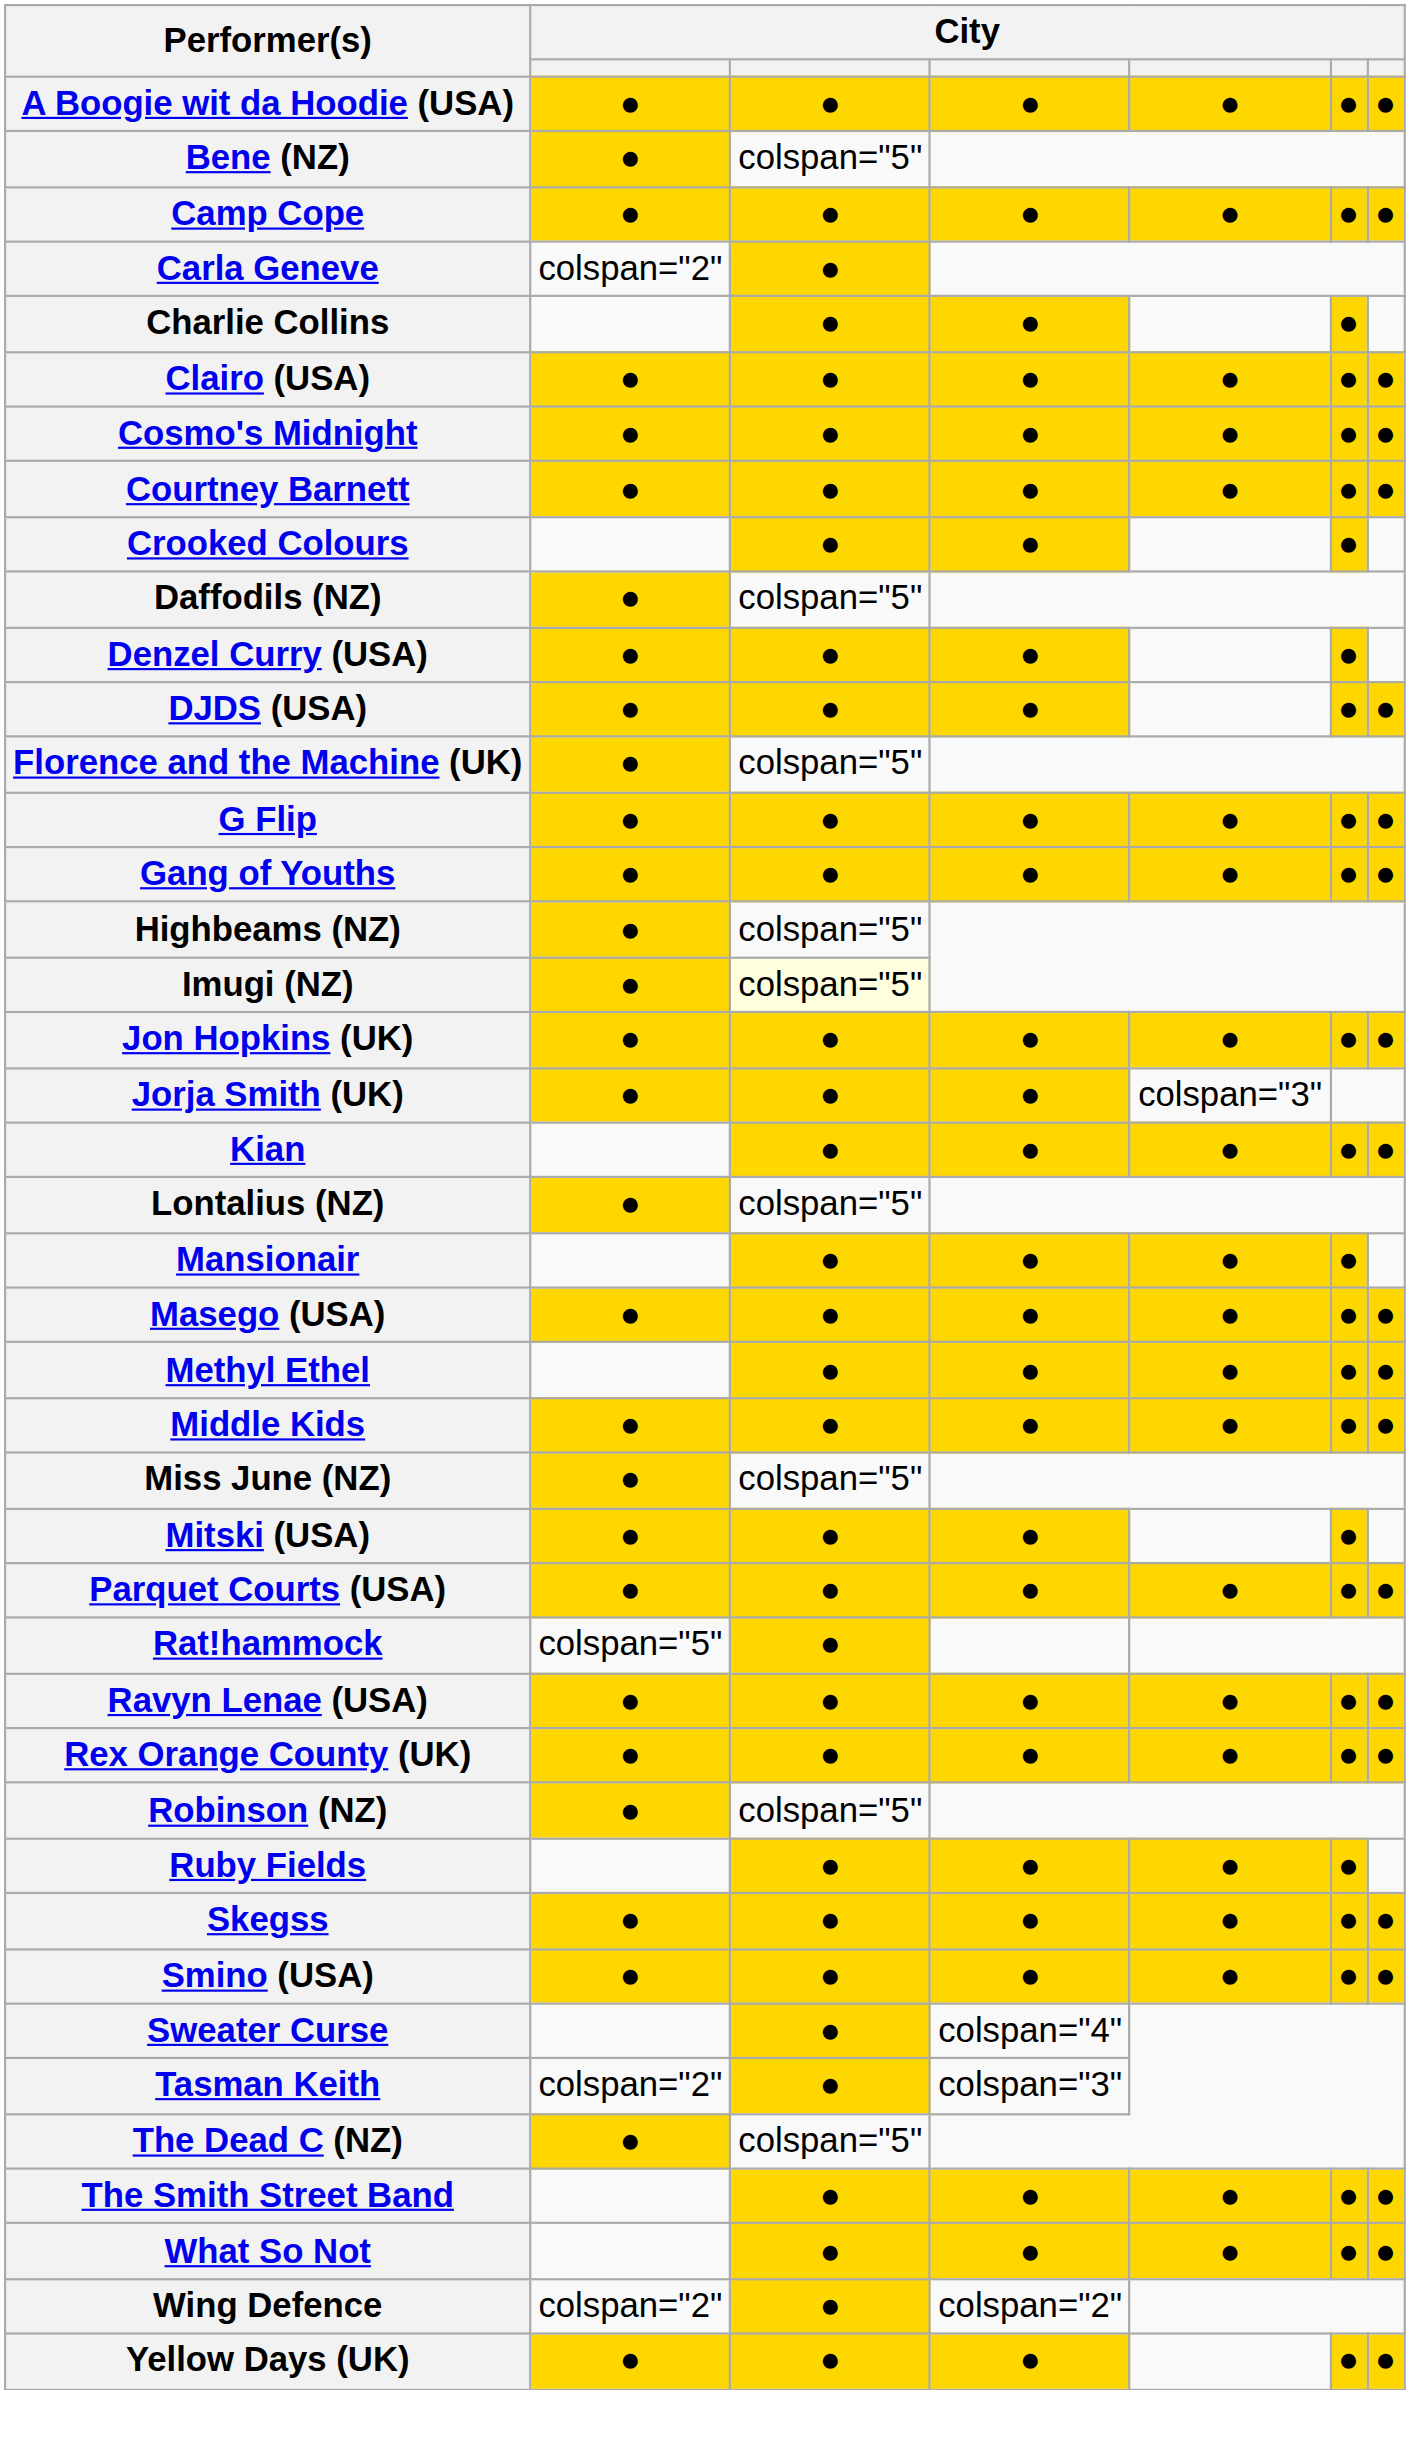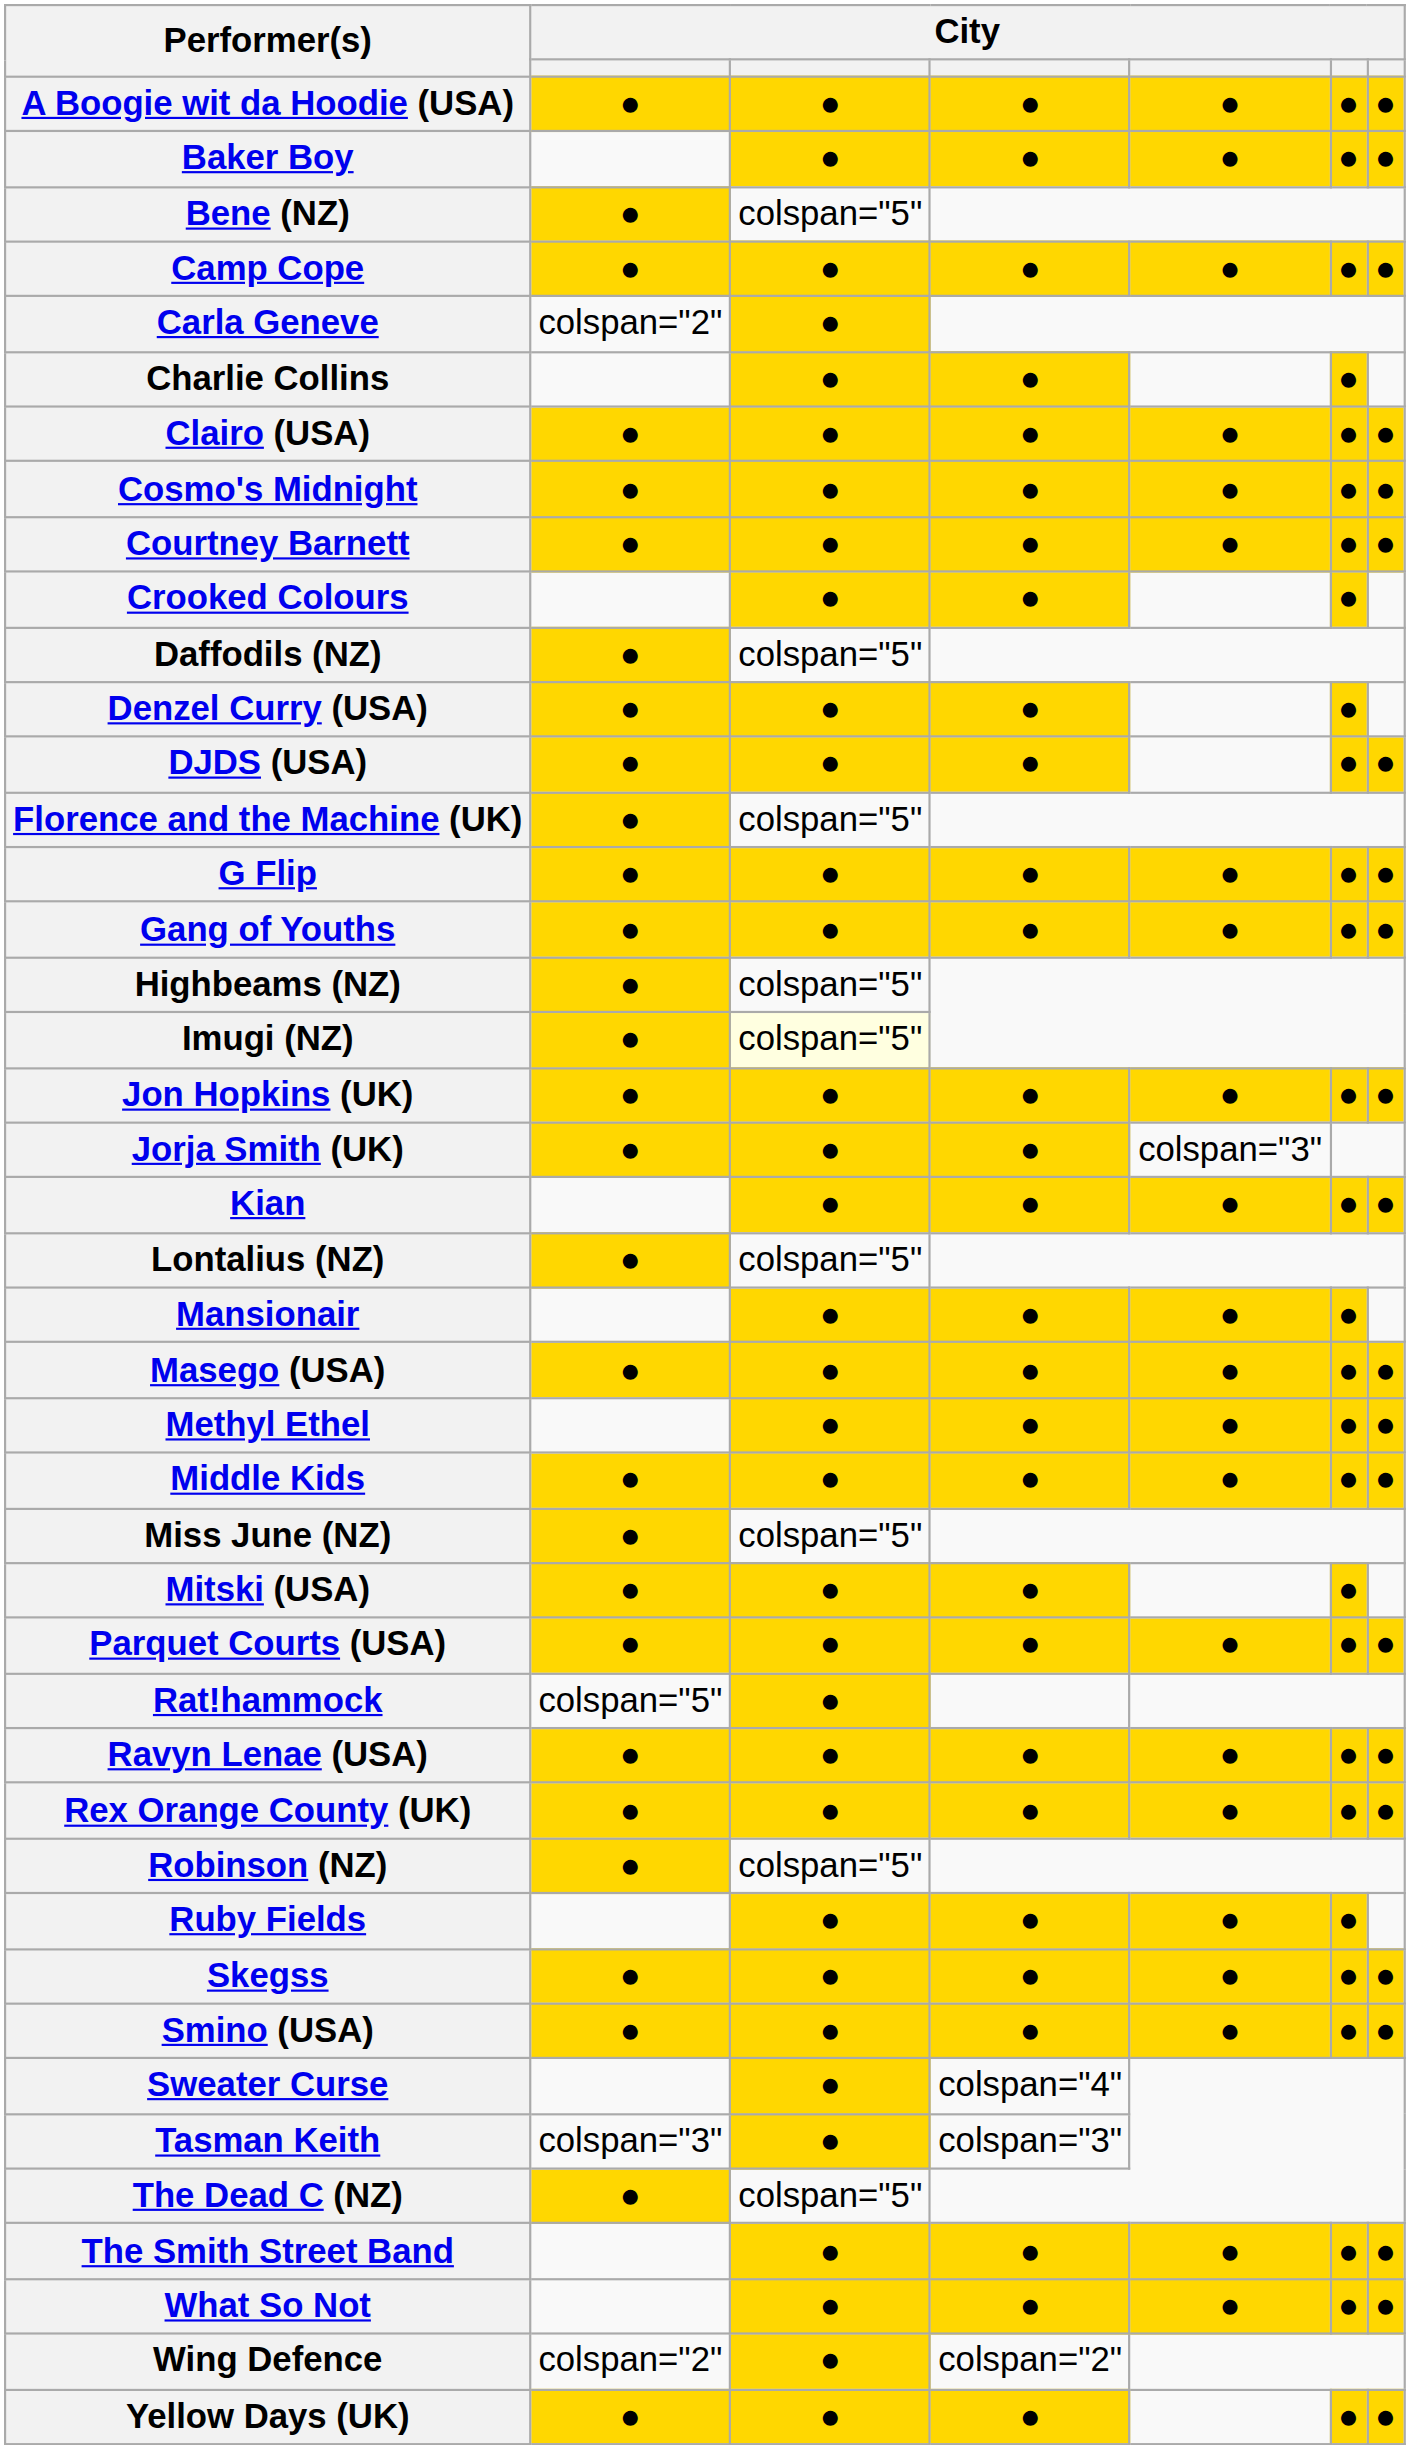 <table class="wikitable plainrowheaders" style="text-align:center">
 <tr>
 <th rowspan="2">Performer(s)</th>
 <th colspan="6">City</th>
 </tr>
 <tr>
 <th></th>
 <th></th>
 <th></th>
 <th></th>
 <th></th>
 <th></th>
 </tr>
 <tr>
 <th scope="row"><a href='#'>A Boogie wit da Hoodie</a> (USA)</th>
 <td bgcolor="Gold">●</td>
+<td bgcolor="Gold">●</td>
+<td bgcolor="Gold">●</td>
+<td bgcolor="Gold">●</td>
+<td bgcolor="Gold">●</td>
+<td bgcolor="Gold">●</td>
+</tr>
+<tr>
+<th scope="row"><a href='#'>Baker Boy</a></th>
+<td></td>
 <td bgcolor="Gold">●</td>
 <td bgcolor="Gold">●</td>
 <td bgcolor="Gold">●</td>
 <td bgcolor="Gold">●</td>
 <td bgcolor="Gold">●</td>
 </tr>
 <tr>
 <th scope="row"><a href='#'>Bene</a> (NZ)</th>
 <td bgcolor="Gold">●</td>
 <td>colspan="5" </td>
 </tr>
 <tr>
 <th scope="row"><a href='#'>Camp Cope</a></th>
 <td bgcolor="Gold">●</td>
 <td bgcolor="Gold">●</td>
 <td bgcolor="Gold">●</td>
 <td bgcolor="Gold">●</td>
 <td bgcolor="Gold">●</td>
 <td bgcolor="Gold">●</td>
 </tr>
 <tr>
 <th scope="row"><a href='#'>Carla Geneve</a></th>
 <td>colspan="2" </td>
 <td bgcolor="Gold">●</td>
 </tr>
 <tr>
 <th scope="row">Charlie Collins</th>
 <td></td>
 <td bgcolor="Gold">●</td>
 <td bgcolor="Gold">●</td>
 <td></td>
 <td bgcolor="Gold">●</td>
 <td></td>
 </tr>
 <tr>
 <th scope="row"><a href='#'>Clairo</a> (USA)</th>
 <td bgcolor="Gold">●</td>
 <td bgcolor="Gold">●</td>
 <td bgcolor="Gold">●</td>
 <td bgcolor="Gold">●</td>
 <td bgcolor="Gold">●</td>
 <td bgcolor="Gold">●</td>
 </tr>
 <tr>
 <th scope="row"><a href='#'>Cosmo's Midnight</a></th>
 <td bgcolor="Gold">●</td>
 <td bgcolor="Gold">●</td>
 <td bgcolor="Gold">●</td>
 <td bgcolor="Gold">●</td>
 <td bgcolor="Gold">●</td>
 <td bgcolor="Gold">●</td>
 </tr>
 <tr>
 <th scope="row"><a href='#'>Courtney Barnett</a></th>
 <td bgcolor="Gold">●</td>
 <td bgcolor="Gold">●</td>
 <td bgcolor="Gold">●</td>
 <td bgcolor="Gold">●</td>
 <td bgcolor="Gold">●</td>
 <td bgcolor="Gold">●</td>
 </tr>
 <tr>
 <th scope="row"><a href='#'>Crooked Colours</a></th>
 <td></td>
 <td bgcolor="Gold">●</td>
 <td bgcolor="Gold">●</td>
 <td></td>
 <td bgcolor="Gold">●</td>
 <td></td>
 </tr>
 <tr>
 <th scope="row">Daffodils (NZ)</th>
 <td bgcolor="Gold">●</td>
 <td>colspan="5" </td>
 </tr>
 <tr>
 <th scope="row"><a href='#'>Denzel Curry</a> (USA)</th>
 <td bgcolor="Gold">●</td>
 <td bgcolor="Gold">●</td>
 <td bgcolor="Gold">●</td>
 <td></td>
 <td bgcolor="Gold">●</td>
 <td></td>
 </tr>
 <tr>
 <th scope="row"><a href='#'>DJDS</a> (USA)</th>
 <td bgcolor="Gold">●</td>
 <td bgcolor="Gold">●</td>
 <td bgcolor="Gold">●</td>
 <td></td>
 <td bgcolor="Gold">●</td>
 <td bgcolor="Gold">●</td>
 </tr>
 <tr>
 <th scope="row"><a href='#'>Florence and the Machine</a> (UK)</th>
 <td bgcolor="Gold">●</td>
 <td>colspan="5" </td>
 </tr>
 <tr>
 <th scope="row"><a href='#'>G Flip</a></th>
 <td bgcolor="Gold">●</td>
 <td bgcolor="Gold">●</td>
 <td bgcolor="Gold">●</td>
 <td bgcolor="Gold">●</td>
 <td bgcolor="Gold">●</td>
 <td bgcolor="Gold">●</td>
 </tr>
 <tr>
 <th scope="row"><a href='#'>Gang of Youths</a></th>
 <td bgcolor="Gold">●</td>
 <td bgcolor="Gold">●</td>
 <td bgcolor="Gold">●</td>
 <td bgcolor="Gold">●</td>
 <td bgcolor="Gold">●</td>
 <td bgcolor="Gold">●</td>
 </tr>
 <tr>
 <th scope="row">Highbeams (NZ)</th>
 <td bgcolor="Gold">●</td>
 <td>colspan="5" </td>
 </tr>
 <tr>
 <th scope="row">Imugi (NZ)</th>
 <td bgcolor="Gold">●</td>
 <td style="background: lightyellow;">colspan="5" </td>
 </tr>
 <tr>
 <th scope="row"><a href='#'>Jon Hopkins</a> (UK)</th>
 <td bgcolor="Gold">●</td>
 <td bgcolor="Gold">●</td>
 <td bgcolor="Gold">●</td>
 <td bgcolor="Gold">●</td>
 <td bgcolor="Gold">●</td>
 <td bgcolor="Gold">●</td>
 </tr>
 <tr>
 <th scope="row"><a href='#'>Jorja Smith</a> (UK)</th>
 <td bgcolor="Gold">●</td>
 <td bgcolor="Gold">●</td>
 <td bgcolor="Gold">●</td>
 <td>colspan="3" </td>
 </tr>
 <tr>
 <th scope="row"><a href='#'>Kian</a></th>
 <td></td>
 <td bgcolor="Gold">●</td>
 <td bgcolor="Gold">●</td>
 <td bgcolor="Gold">●</td>
 <td bgcolor="Gold">●</td>
 <td bgcolor="Gold">●</td>
 </tr>
 <tr>
 <th scope="row">Lontalius (NZ)</th>
 <td bgcolor="Gold">●</td>
 <td>colspan="5" </td>
 </tr>
 <tr>
 <th scope="row"><a href='#'>Mansionair</a></th>
 <td></td>
 <td bgcolor="Gold">●</td>
 <td bgcolor="Gold">●</td>
 <td bgcolor="Gold">●</td>
 <td bgcolor="Gold">●</td>
 <td></td>
 </tr>
 <tr>
 <th scope="row"><a href='#'>Masego</a> (USA)</th>
 <td bgcolor="Gold">●</td>
 <td bgcolor="Gold">●</td>
 <td bgcolor="Gold">●</td>
 <td bgcolor="Gold">●</td>
 <td bgcolor="Gold">●</td>
 <td bgcolor="Gold">●</td>
 </tr>
 <tr>
 <th scope="row"><a href='#'>Methyl Ethel</a></th>
 <td></td>
 <td bgcolor="Gold">●</td>
 <td bgcolor="Gold">●</td>
 <td bgcolor="Gold">●</td>
 <td bgcolor="Gold">●</td>
 <td bgcolor="Gold">●</td>
 </tr>
 <tr>
 <th scope="row"><a href='#'>Middle Kids</a></th>
 <td bgcolor="Gold">●</td>
 <td bgcolor="Gold">●</td>
 <td bgcolor="Gold">●</td>
 <td bgcolor="Gold">●</td>
 <td bgcolor="Gold">●</td>
 <td bgcolor="Gold">●</td>
 </tr>
 <tr>
 <th scope="row">Miss June (NZ)</th>
 <td bgcolor="Gold">●</td>
 <td>colspan="5" </td>
 </tr>
 <tr>
 <th scope="row"><a href='#'>Mitski</a> (USA)</th>
 <td bgcolor="Gold">●</td>
 <td bgcolor="Gold">●</td>
 <td bgcolor="Gold">●</td>
 <td></td>
 <td bgcolor="Gold">●</td>
 <td></td>
 </tr>
 <tr>
 <th scope="row"><a href='#'>Parquet Courts</a> (USA)</th>
 <td bgcolor="Gold">●</td>
 <td bgcolor="Gold">●</td>
 <td bgcolor="Gold">●</td>
 <td bgcolor="Gold">●</td>
 <td bgcolor="Gold">●</td>
 <td bgcolor="Gold">●</td>
 </tr>
 <tr>
 <th scope="row"><a href='#'>Rat!hammock</a></th>
 <td>colspan="5"</td>
 <td bgcolor="Gold">●</td>
 <td></td>
 </tr>
 <tr>
 <th scope="row"><a href='#'>Ravyn Lenae</a> (USA)</th>
 <td bgcolor="Gold">●</td>
 <td bgcolor="Gold">●</td>
 <td bgcolor="Gold">●</td>
 <td bgcolor="Gold">●</td>
 <td bgcolor="Gold">●</td>
 <td bgcolor="Gold">●</td>
 </tr>
 <tr>
 <th scope="row"><a href='#'>Rex Orange County</a> (UK)</th>
 <td bgcolor="Gold">●</td>
 <td bgcolor="Gold">●</td>
 <td bgcolor="Gold">●</td>
 <td bgcolor="Gold">●</td>
 <td bgcolor="Gold">●</td>
 <td bgcolor="Gold">●</td>
 </tr>
 <tr>
 <th scope="row"><a href='#'>Robinson</a> (NZ)</th>
 <td bgcolor="Gold">●</td>
 <td>colspan="5" </td>
 </tr>
 <tr>
 <th scope="row"><a href='#'>Ruby Fields</a></th>
 <td></td>
 <td bgcolor="Gold">●</td>
 <td bgcolor="Gold">●</td>
 <td bgcolor="Gold">●</td>
 <td bgcolor="Gold">●</td>
 <td></td>
 </tr>
 <tr>
 <th scope="row"><a href='#'>Skegss</a></th>
 <td bgcolor="Gold">●</td>
 <td bgcolor="Gold">●</td>
 <td bgcolor="Gold">●</td>
 <td bgcolor="Gold">●</td>
 <td bgcolor="Gold">●</td>
 <td bgcolor="Gold">●</td>
 </tr>
 <tr>
 <th scope="row"><a href='#'>Smino</a> (USA)</th>
 <td bgcolor="Gold">●</td>
 <td bgcolor="Gold">●</td>
 <td bgcolor="Gold">●</td>
 <td bgcolor="Gold">●</td>
 <td bgcolor="Gold">●</td>
 <td bgcolor="Gold">●</td>
 </tr>
 <tr>
 <th scope="row"><a href='#'>Sweater Curse</a></th>
 <td></td>
 <td bgcolor="Gold">●</td>
 <td>colspan="4" </td>
 </tr>
 <tr>
 <th scope="row"><a href='#'>Tasman Keith</a></th>
-<td>colspan="2" </td>
+<td>colspan="3" </td>
 <td bgcolor="Gold">●</td>
 <td>colspan="3" </td>
 </tr>
 <tr>
 <th scope="row"><a href='#'>The Dead C</a> (NZ)</th>
 <td bgcolor="Gold">●</td>
 <td>colspan="5" </td>
 </tr>
 <tr>
 <th scope="row"><a href='#'>The Smith Street Band</a></th>
 <td></td>
 <td bgcolor="Gold">●</td>
 <td bgcolor="Gold">●</td>
 <td bgcolor="Gold">●</td>
 <td bgcolor="Gold">●</td>
 <td bgcolor="Gold">●</td>
 </tr>
 <tr>
 <th scope="row"><a href='#'>What So Not</a></th>
 <td></td>
 <td bgcolor="Gold">●</td>
 <td bgcolor="Gold">●</td>
 <td bgcolor="Gold">●</td>
 <td bgcolor="Gold">●</td>
 <td bgcolor="Gold">●</td>
 </tr>
 <tr>
 <th scope="row">Wing Defence</th>
 <td>colspan="2" </td>
 <td bgcolor="Gold">●</td>
 <td>colspan="2" </td>
 </tr>
 <tr>
 <th scope="row">Yellow Days (UK)</th>
 <td bgcolor="Gold">●</td>
 <td bgcolor="Gold">●</td>
 <td bgcolor="Gold">●</td>
 <td></td>
 <td bgcolor="Gold">●</td>
 <td bgcolor="Gold">●</td>
 </tr>
 </table>
